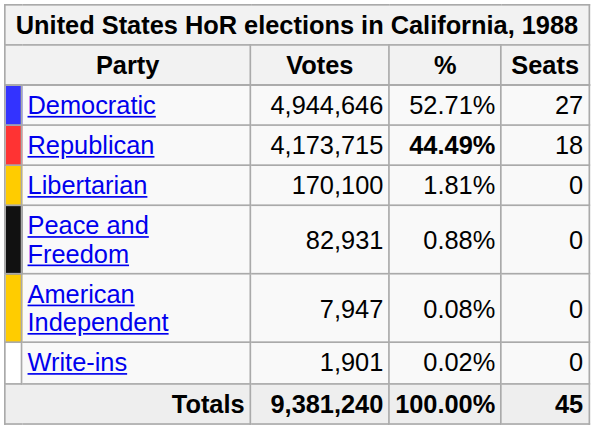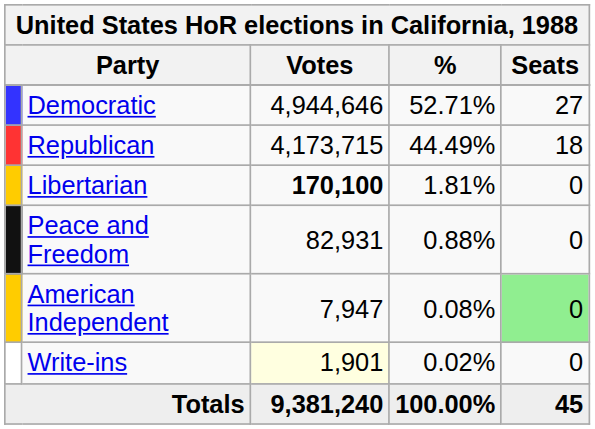 <table class="wikitable" style="font-size: 95%;">
 <tr>
 <th colspan="5">United States HoR elections in California, 1988</th>
 </tr>
 <tr>
 <th colspan=2 style="width: 5em">Party</th>
 <th style="width: 5em">Votes</th>
 <th style="width: 3em">%</th>
 <th style="width: 3em">Seats</th>
 </tr>
 <tr>
 </tr>
 <tr>
 <th style="background-color:#3333FF; width: 3px"></th>
 <td style="width: 130px"><a href='#'>Democratic</a></td>
 <td align="right">4,944,646</td>
 <td align="right">52.71%</td>
 <td align="right">27</td>
 </tr>
 <tr>
 <th style="background-color:#FF3333; width: 3px"></th>
 <td style="width: 130px"><a href='#'>Republican</a></td>
 <td align="right">4,173,715</td>
-<td align="right"><strong>44.49%</strong></td>
+<td align="right">44.49%</td>
 <td align="right">18</td>
 </tr>
 <tr>
 <th style="background-color:#FFCC00; width: 3px"></th>
 <td style="width: 130px"><a href='#'>Libertarian</a></td>
-<td align="right">170,100</td>
+<td align="right"><strong>170,100</strong></td>
 <td align="right">1.81%</td>
 <td align="right">0</td>
 </tr>
 <tr>
 <th style="background-color:#111111; width: 3px"></th>
 <td style="width: 130px"><a href='#'>Peace and Freedom</a></td>
 <td align="right">82,931</td>
 <td align="right">0.88%</td>
 <td align="right">0</td>
 </tr>
 <tr>
 <th style="background-color:#FFCC00; width: 3px"></th>
 <td style="width: 130px"><a href='#'>American Independent</a></td>
 <td align="right">7,947</td>
 <td align="right">0.08%</td>
-<td align="right">0</td>
+<td align="right" style="background: lightgreen;">0</td>
 </tr>
 <tr>
 <th style="background-color:#FFFFFF; width: 3px"></th>
 <td style="width: 130px"><a href='#'>Write-ins</a></td>
-<td align="right">1,901</td>
+<td align="right" style="background: lightyellow;">1,901</td>
 <td align="right">0.02%</td>
 <td align="right">0</td>
 </tr>
 <tr bgcolor="#EEEEEE">
 <td colspan="2" align="right"><strong>Totals</strong></td>
 <td align="right"><strong>9,381,240</strong></td>
 <td align="right"><strong>100.00%</strong></td>
 <td align="right"><strong>45</strong></td>
 </tr>
 </table>
